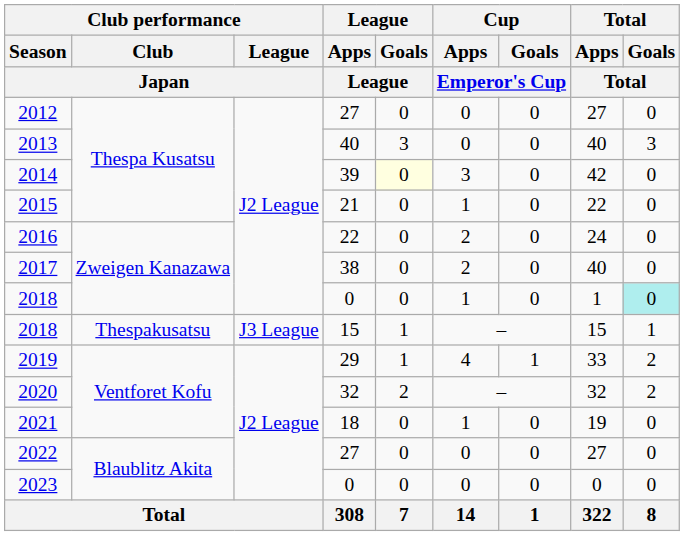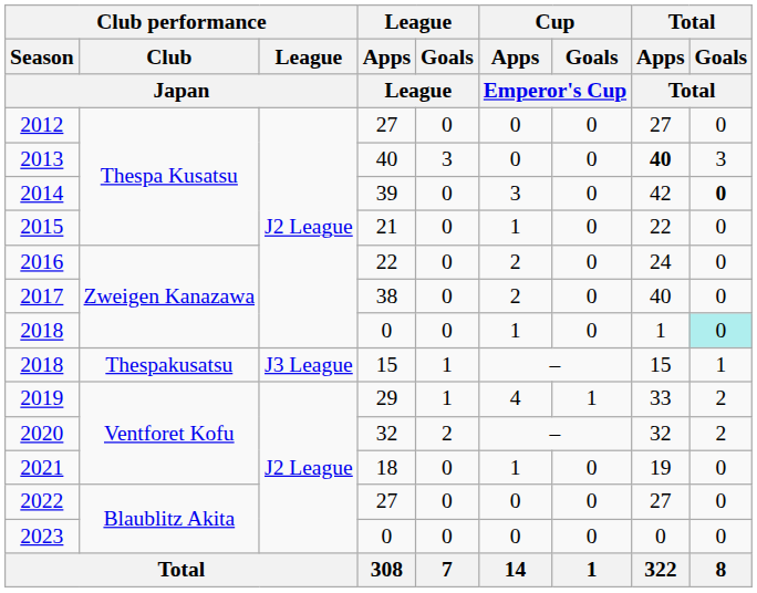 <table class="wikitable" style="text-align:center;">
 <tr>
 <th colspan=3>Club performance</th>
 <th colspan=2>League</th>
 <th colspan=2>Cup</th>
 <th colspan=2>Total</th>
 </tr>
 <tr>
 <th>Season</th>
 <th>Club</th>
 <th>League</th>
 <th>Apps</th>
 <th>Goals</th>
 <th>Apps</th>
 <th>Goals</th>
 <th>Apps</th>
 <th>Goals</th>
 </tr>
 <tr>
 <th colspan=3>Japan</th>
 <th colspan=2>League</th>
 <th colspan=2><a href='#'>Emperor's Cup</a></th>
 <th colspan=2>Total</th>
 </tr>
 <tr>
 <td><a href='#'>2012</a></td>
 <td rowspan=4><a href='#'>Thespa Kusatsu</a></td>
 <td rowspan="7"><a href='#'>J2 League</a></td>
 <td>27</td>
 <td>0</td>
 <td>0</td>
 <td>0</td>
 <td>27</td>
 <td>0</td>
 </tr>
 <tr>
 <td><a href='#'>2013</a></td>
 <td>40</td>
 <td>3</td>
 <td>0</td>
 <td>0</td>
-<td>40</td>
+<td><strong>40</strong></td>
 <td>3</td>
 </tr>
 <tr>
 <td><a href='#'>2014</a></td>
 <td>39</td>
-<td style="background: lightyellow;">0</td>
+<td>0</td>
 <td>3</td>
 <td>0</td>
 <td>42</td>
-<td>0</td>
+<td><strong>0</strong></td>
 </tr>
 <tr>
 <td><a href='#'>2015</a></td>
 <td>21</td>
 <td>0</td>
 <td>1</td>
 <td>0</td>
 <td>22</td>
 <td>0</td>
 </tr>
 <tr>
 <td><a href='#'>2016</a></td>
 <td rowspan="3"><a href='#'>Zweigen Kanazawa</a></td>
 <td>22</td>
 <td>0</td>
 <td>2</td>
 <td>0</td>
 <td>24</td>
 <td>0</td>
 </tr>
 <tr>
 <td><a href='#'>2017</a></td>
 <td>38</td>
 <td>0</td>
 <td>2</td>
 <td>0</td>
 <td>40</td>
 <td>0</td>
 </tr>
 <tr>
 <td><a href='#'>2018</a></td>
 <td>0</td>
 <td>0</td>
 <td>1</td>
 <td>0</td>
 <td>1</td>
 <td style="background: paleturquoise;">0</td>
 </tr>
 <tr>
 <td><a href='#'>2018</a></td>
 <td><a href='#'>Thespakusatsu</a></td>
 <td><a href='#'>J3 League</a></td>
 <td>15</td>
 <td>1</td>
 <td colspan="2">–</td>
 <td>15</td>
 <td>1</td>
 </tr>
 <tr>
 <td><a href='#'>2019</a></td>
 <td rowspan="3"><a href='#'>Ventforet Kofu</a></td>
 <td rowspan="5"><a href='#'>J2 League</a></td>
 <td>29</td>
 <td>1</td>
 <td>4</td>
 <td>1</td>
 <td>33</td>
 <td>2</td>
 </tr>
 <tr>
 <td><a href='#'>2020</a></td>
 <td>32</td>
 <td>2</td>
 <td colspan="2">–</td>
 <td>32</td>
 <td>2</td>
 </tr>
 <tr>
 <td><a href='#'>2021</a></td>
 <td>18</td>
 <td>0</td>
 <td>1</td>
 <td>0</td>
 <td>19</td>
 <td>0</td>
 </tr>
 <tr>
 <td><a href='#'>2022</a></td>
 <td rowspan="2"><a href='#'>Blaublitz Akita</a></td>
 <td>27</td>
 <td>0</td>
 <td>0</td>
 <td>0</td>
 <td>27</td>
 <td>0</td>
 </tr>
 <tr>
 <td><a href='#'>2023</a></td>
 <td>0</td>
 <td>0</td>
 <td>0</td>
 <td>0</td>
 <td>0</td>
 <td>0</td>
 </tr>
 <tr>
 <th colspan=3>Total</th>
 <th>308</th>
 <th>7</th>
 <th>14</th>
 <th>1</th>
 <th>322</th>
 <th>8</th>
 </tr>
 </table>
